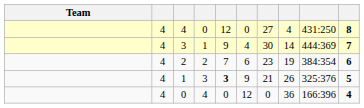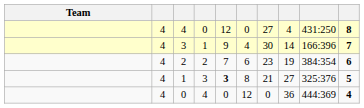 <table class="wikitable" style="text-align:center;">
 <tr>
 <th width=220>Team</th>
 <th width=25></th>
 <th width=25></th>
 <th width=25></th>
 <th width=25></th>
 <th width=25></th>
 <th width=25></th>
 <th width=25></th>
 <th width=25></th>
 <th width=25></th>
 </tr>
 <tr style="background:#ffffcc;">
 <td style="text-align:left;"></td>
 <td>4</td>
 <td>4</td>
 <td>0</td>
 <td>12</td>
 <td>0</td>
 <td>27</td>
 <td>4</td>
 <td>431:250</td>
 <td><strong>8</strong></td>
 </tr>
 <tr style="background:#ffffcc;">
 <td style="text-align:left;"></td>
 <td>4</td>
 <td>3</td>
 <td>1</td>
 <td>9</td>
 <td>4</td>
 <td>30</td>
 <td>14</td>
-<td>444:369</td>
+<td>166:396</td>
 <td><strong>7</strong></td>
 </tr>
 <tr>
 <td style="text-align:left;"></td>
 <td>4</td>
 <td>2</td>
 <td>2</td>
 <td>7</td>
 <td>6</td>
 <td>23</td>
 <td>19</td>
 <td>384:354</td>
 <td><strong>6</strong></td>
 </tr>
 <tr>
 <td style="text-align:left;"></td>
 <td>4</td>
 <td>1</td>
 <td>3</td>
 <td><strong>3</strong></td>
-<td>9</td>
+<td>8</td>
 <td>21</td>
-<td>26</td>
+<td>27</td>
 <td>325:376</td>
 <td><strong>5</strong></td>
 </tr>
 <tr>
 <td style="text-align:left;"></td>
 <td>4</td>
 <td>0</td>
 <td>4</td>
 <td>0</td>
 <td>12</td>
 <td>0</td>
 <td>36</td>
-<td>166:396</td>
+<td>444:369</td>
 <td><strong>4</strong></td>
 </tr>
 </table>
